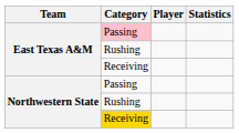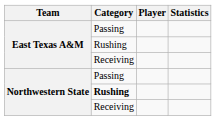 <table class="wikitable" style="float:right">
 <tr>
 <th>Team</th>
 <th>Category</th>
 <th>Player</th>
 <th>Statistics</th>
 </tr>
 <tr>
 <th rowspan=3>East Texas A&M</th>
-<td style="background: pink;">Passing</td>
+<td>Passing</td>
 <td></td>
 <td></td>
 </tr>
 <tr>
 <td>Rushing</td>
 <td></td>
 <td></td>
 </tr>
 <tr>
 <td>Receiving</td>
 <td></td>
 <td></td>
 </tr>
 <tr>
 <th rowspan=3>Northwestern State</th>
 <td>Passing</td>
 <td></td>
 <td></td>
 </tr>
 <tr>
-<td>Rushing</td>
+<td><strong>Rushing</strong></td>
 <td></td>
 <td></td>
 </tr>
 <tr>
-<td style="background: gold;">Receiving</td>
+<td>Receiving</td>
 <td></td>
 <td></td>
 </tr>
 </table>
